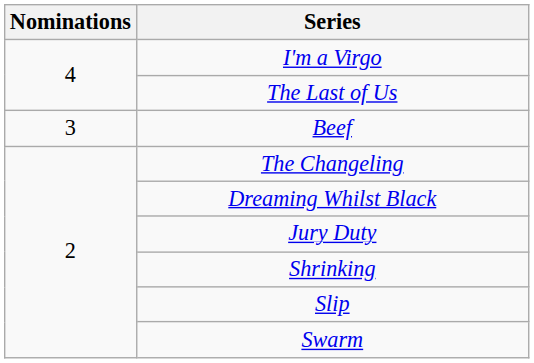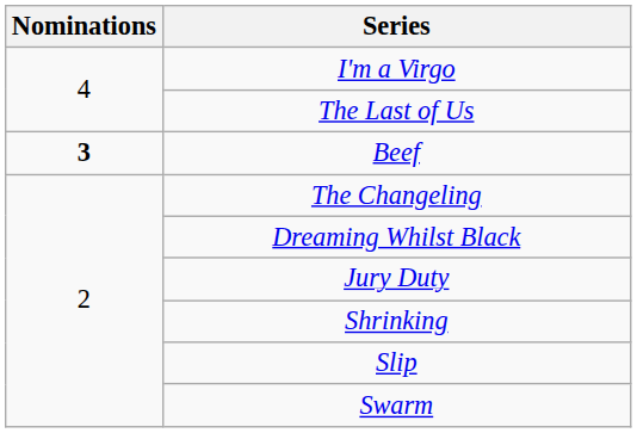 <table class="wikitable" rowspan=2 border=2 style="text-align:center;">
 <tr>
 <th scope="col" width="50">Nominations</th>
 <th scope="col" width="275">Series</th>
 </tr>
 <tr>
 <td rowspan="2">4</td>
 <td><em><a href='#'>I'm a Virgo</a></em></td>
 </tr>
 <tr>
 <td><em><a href='#'>The Last of Us</a></em></td>
 </tr>
 <tr>
-<td>3</td>
+<td><strong>3</strong></td>
 <td><em><a href='#'>Beef</a></em></td>
 </tr>
 <tr>
 <td rowspan="6">2</td>
 <td><em><a href='#'>The Changeling</a></em></td>
 </tr>
 <tr>
 <td><em><a href='#'>Dreaming Whilst Black</a></em></td>
 </tr>
 <tr>
 <td><em><a href='#'>Jury Duty</a></em></td>
 </tr>
 <tr>
 <td><em><a href='#'>Shrinking</a></em></td>
 </tr>
 <tr>
 <td><em><a href='#'>Slip</a></em></td>
 </tr>
 <tr>
 <td><em><a href='#'>Swarm</a></em></td>
 </tr>
 </table>
